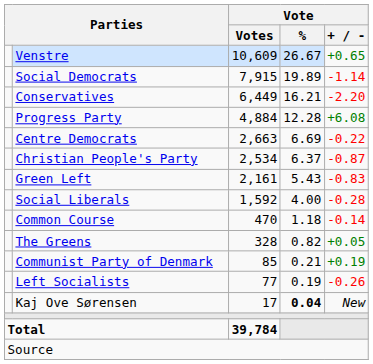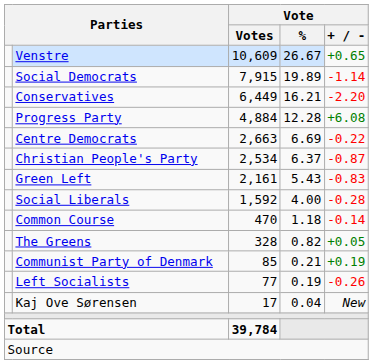 <table class="wikitable" style="text-align:right;">
 <tr>
 <th style="text-align:centre;" rowspan="2" colspan="2" width="225">Parties</th>
 <th colspan="3">Vote</th>
 </tr>
 <tr>
 <th width="15">Votes</th>
 <th width="15">%</th>
 <th width="15">+ / -</th>
 </tr>
 <tr>
 <td width="2" style="color:inherit;background:"></td>
 <td bgcolor=#cfe5fe  align="left"><a href='#'>Venstre</a></td>
 <td bgcolor=#cfe5fe>10,609</td>
 <td bgcolor=#cfe5fe>26.67</td>
 <td style=color:green;>+0.65</td>
 </tr>
 <tr>
 <td width="2" style="color:inherit;background:"></td>
 <td align="left"><a href='#'>Social Democrats</a></td>
 <td>7,915</td>
 <td>19.89</td>
 <td style=color:red;>-1.14</td>
 </tr>
 <tr>
 <td width="2" style="color:inherit;background:"></td>
 <td align="left"><a href='#'>Conservatives</a></td>
 <td>6,449</td>
 <td>16.21</td>
 <td style=color:red;>-2.20</td>
 </tr>
 <tr>
 <td width="2" style="color:inherit;background:"></td>
 <td align="left"><a href='#'>Progress Party</a></td>
 <td>4,884</td>
 <td>12.28</td>
 <td style=color:green;>+6.08</td>
 </tr>
 <tr>
 <td width="2" style="color:inherit;background:"></td>
 <td align="left"><a href='#'>Centre Democrats</a></td>
 <td>2,663</td>
 <td>6.69</td>
 <td style=color:red;>-0.22</td>
 </tr>
 <tr>
 <td width="2" style="color:inherit;background:"></td>
 <td align="left"><a href='#'>Christian People's Party</a></td>
 <td>2,534</td>
 <td>6.37</td>
 <td style=color:red;>-0.87</td>
 </tr>
 <tr>
 <td width="2" style="color:inherit;background:"></td>
 <td align="left"><a href='#'>Green Left</a></td>
 <td>2,161</td>
 <td>5.43</td>
 <td style=color:red;>-0.83</td>
 </tr>
 <tr>
 <td width="2" style="color:inherit;background:"></td>
 <td align="left"><a href='#'>Social Liberals</a></td>
 <td>1,592</td>
 <td>4.00</td>
 <td style=color:red;>-0.28</td>
 </tr>
 <tr>
 <td width="2" style="color:inherit;background:"></td>
 <td align="left"><a href='#'>Common Course</a></td>
 <td>470</td>
 <td>1.18</td>
 <td style=color:red;>-0.14</td>
 </tr>
 <tr>
 <td width="2" style="color:inherit;background:"></td>
 <td align="left"><a href='#'>The Greens</a></td>
 <td>328</td>
 <td>0.82</td>
 <td style=color:green;>+0.05</td>
 </tr>
 <tr>
 <td width="2" style="color:inherit;background:"></td>
 <td align="left"><a href='#'>Communist Party of Denmark</a></td>
 <td>85</td>
 <td>0.21</td>
 <td style=color:green;>+0.19</td>
 </tr>
 <tr>
 <td width="2" style="color:inherit;background:"></td>
 <td align="left"><a href='#'>Left Socialists</a></td>
 <td>77</td>
 <td>0.19</td>
 <td style=color:red;>-0.26</td>
 </tr>
 <tr>
 <td width="2" style="color:inherit;background:"></td>
 <td align="left">Kaj Ove Sørensen</td>
 <td>17</td>
-<td><strong>0.04</strong></td>
+<td>0.04</td>
 <td><em>New</em></td>
 </tr>
 <tr>
 <td colspan="7" bgcolor="#E9E9E9"></td>
 </tr>
 <tr>
 <td align="left" colspan="2"><strong>Total</strong></td>
 <td><strong>39,784</strong></td>
 <td bgcolor="#E9E9E9" colspan="2"></td>
 </tr>
 <tr>
 <td align="left" colspan="6">Source</td>
 </tr>
 </table>
